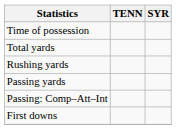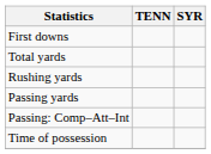 <table class="wikitable" style="float: left;">
 <tr>
 <th>Statistics</th>
 <th>TENN</th>
 <th>SYR</th>
 </tr>
 <tr>
-<td>Time of possession</td>
+<td>First downs</td>
 <td></td>
 <td></td>
 </tr>
 <tr>
 <td>Total yards</td>
 <td></td>
 <td></td>
 </tr>
 <tr>
 <td>Rushing yards</td>
 <td></td>
 <td></td>
 </tr>
 <tr>
 <td>Passing yards</td>
 <td></td>
 <td></td>
 </tr>
 <tr>
 <td>Passing: Comp–Att–Int</td>
 <td></td>
 <td></td>
 </tr>
 <tr>
-<td>First downs</td>
+<td>Time of possession</td>
 <td></td>
 <td></td>
 </tr>
 <tr>
 </tr>
 </table>
